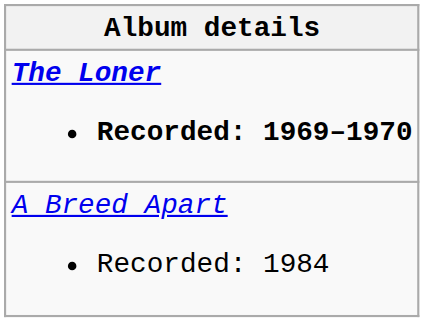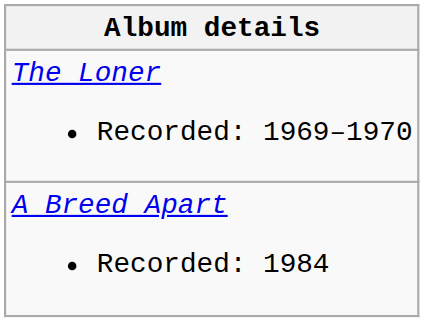 <table class="wikitable" style="text-align:center;">
 <tr>
 <th rowspan="1">Album details</th>
 </tr>
 <tr>
-<td align="left"><strong><em><a href='#'>The Loner</a></em><br><ul><li>Recorded: 1969–1970</li></ul></strong></td>
+<td align="left"><em><a href='#'>The Loner</a></em><br><ul><li>Recorded: 1969–1970</li></ul></td>
 </tr>
 <tr>
 <td align="left"><em><a href='#'>A Breed Apart</a></em><br><ul><li>Recorded: 1984</li></ul></td>
 </tr>
 </table>
